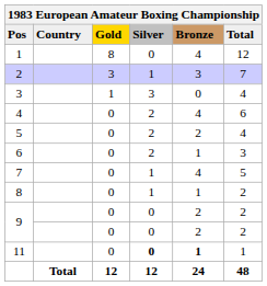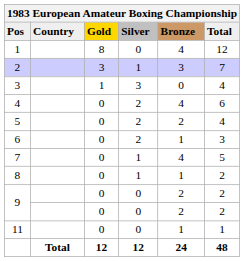 <table class="wikitable">
 <tr>
 <th colspan=7 style="border-right:0px;";>1983 European Amateur Boxing Championship</th>
 </tr>
 <tr bgcolor="#efefef">
 <td><strong>Pos</strong></td>
 <td><strong>Country</strong></td>
 <td bgcolor="gold"><strong>Gold</strong></td>
 <td bgcolor="silver"><strong>Silver</strong></td>
 <td bgcolor="CC9966"><strong>Bronze</strong></td>
 <td><strong>Total</strong></td>
 </tr>
 <tr bgcolor="#FFFFFF" align="center">
 <td>1</td>
 <td align="left"></td>
 <td>8</td>
 <td>0</td>
 <td>4</td>
 <td>12</td>
 </tr>
 <tr bgcolor="#CCCCFF" align="center">
 <td>2</td>
 <td align="left"></td>
 <td>3</td>
 <td>1</td>
 <td>3</td>
 <td>7</td>
 </tr>
 <tr bgcolor="#FFFFFF" align="center">
 <td>3</td>
 <td align="left"></td>
 <td>1</td>
 <td>3</td>
 <td>0</td>
 <td>4</td>
 </tr>
 <tr bgcolor="#FFFFFF" align="center">
 <td>4</td>
 <td align="left"></td>
 <td>0</td>
 <td>2</td>
 <td>4</td>
 <td>6</td>
 </tr>
 <tr bgcolor="#FFFFFF" align="center">
 <td>5</td>
 <td align="left"></td>
 <td>0</td>
 <td>2</td>
 <td>2</td>
 <td>4</td>
 </tr>
 <tr bgcolor="#FFFFFF" align="center">
 <td>6</td>
 <td align="left"></td>
 <td>0</td>
 <td>2</td>
 <td>1</td>
 <td>3</td>
 </tr>
 <tr bgcolor="#FFFFFF" align="center">
 <td>7</td>
 <td align="left"></td>
 <td>0</td>
 <td>1</td>
 <td>4</td>
 <td>5</td>
 </tr>
 <tr bgcolor="#FFFFFF" align="center">
 <td>8</td>
 <td align="left"></td>
 <td>0</td>
 <td>1</td>
 <td>1</td>
 <td>2</td>
 </tr>
 <tr bgcolor="#FFFFFF" align="center">
 <td rowspan=2>9</td>
 <td align="left"></td>
 <td>0</td>
 <td>0</td>
 <td>2</td>
 <td>2</td>
 </tr>
 <tr bgcolor="#FFFFFF" align="center">
 <td align="left"></td>
 <td>0</td>
 <td>0</td>
 <td>2</td>
 <td>2</td>
 </tr>
 <tr bgcolor="#FFFFFF" align="center">
 <td>11</td>
 <td align="left"></td>
 <td>0</td>
-<td><strong>0</strong></td>
-<td><strong>1</strong></td>
+<td>0</td>
+<td>1</td>
 <td>1</td>
 </tr>
 <tr bgcolor="#FFFFFF" align="center">
 <td></td>
 <td align="center"><strong>Total</strong></td>
 <td><strong>12</strong></td>
 <td><strong>12</strong></td>
 <td><strong>24</strong></td>
 <td><strong>48</strong></td>
 </tr>
 </table>
